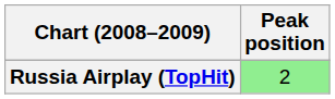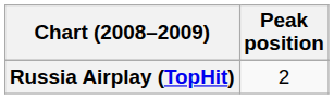 <table class="wikitable sortable plainrowheaders" style="text-align:center;">
 <tr>
 <th scope="col">Chart (2008–2009)</th>
 <th scope="col">Peak<br>position</th>
 </tr>
 <tr>
 </tr>
 <tr>
 </tr>
 <tr>
 <th scope="row">Russia Airplay (<a href='#'>TopHit</a>)</th>
-<td style="background: lightgreen;">2</td>
+<td>2</td>
 </tr>
 </table>
